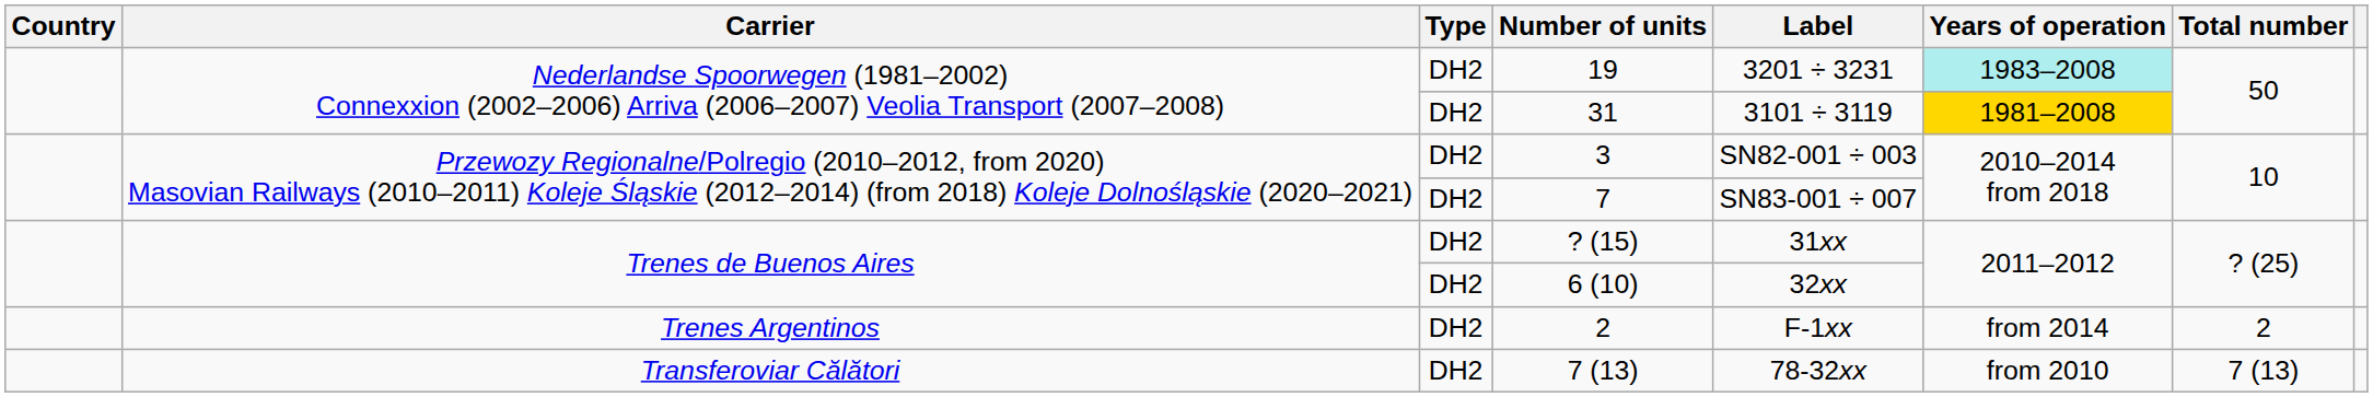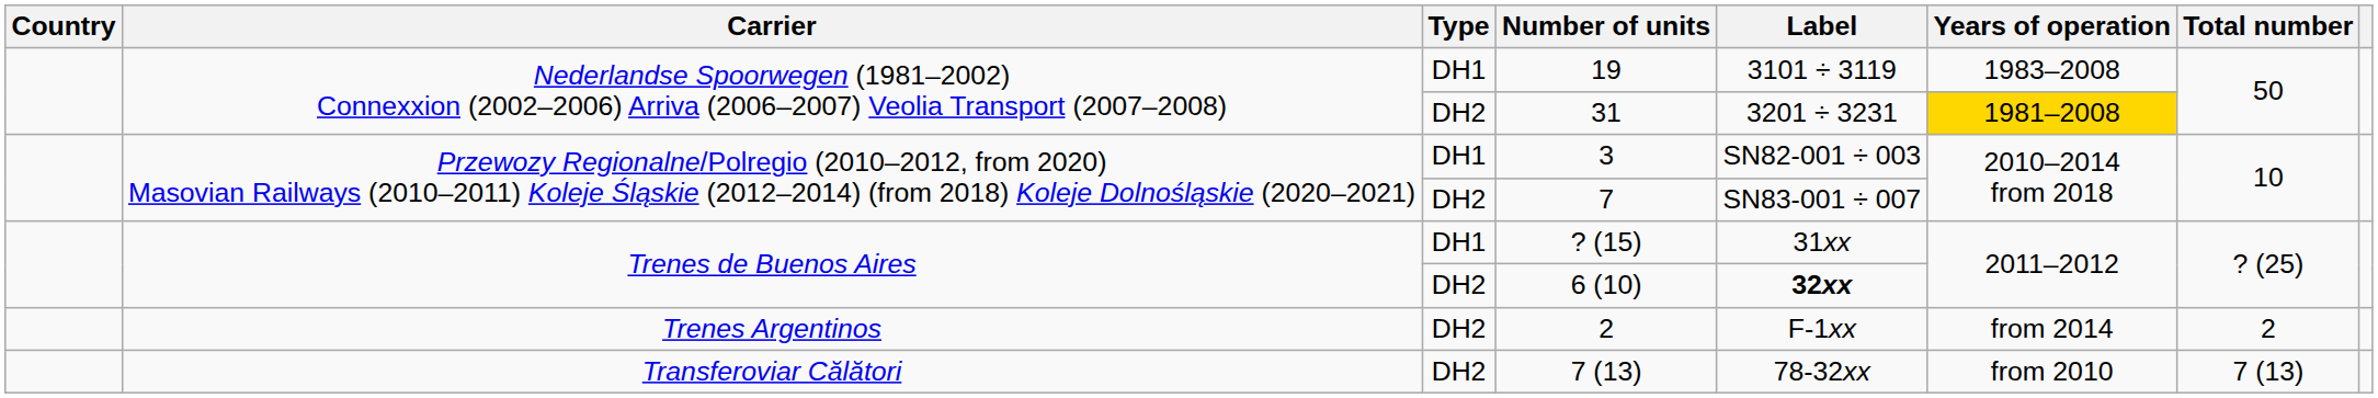 <table class="wikitable" style="text-align:center">
 <tr>
 <th>Country</th>
 <th>Carrier</th>
 <th>Type</th>
 <th>Number of units</th>
 <th>Label</th>
 <th>Years of operation</th>
 <th>Total number</th>
 <th></th>
 </tr>
 <tr>
 <td rowspan="2" align="left"></td>
 <td rowspan="2"><em><a href='#'>Nederlandse Spoorwegen</a></em> (1981–2002)<br><a href='#'>Connexxion</a> (2002–2006) <a href='#'>Arriva</a> (2006–2007) <a href='#'>Veolia Transport</a> (2007–2008)</td>
-<td>DH2</td>
+<td>DH1</td>
 <td>19</td>
-<td>3201 ÷ 3231</td>
-<td style="background: paleturquoise;">1983–2008</td>
+<td>3101 ÷ 3119</td>
+<td>1983–2008</td>
 <td rowspan="2">50</td>
 <td rowspan="2"></td>
 </tr>
 <tr>
 <td>DH2</td>
 <td>31</td>
-<td>3101 ÷ 3119</td>
+<td>3201 ÷ 3231</td>
 <td style="background: gold;">1981–2008</td>
 </tr>
 <tr>
 <td rowspan="2" align="left"></td>
 <td rowspan="2"><a href='#'><em>Przewozy Regionalne</em>/Polregio</a> (2010–2012, from 2020)<br><a href='#'>Masovian Railways</a> (2010–2011) <em><a href='#'>Koleje Śląskie</a></em> (2012–2014) <em></em> (from 2018) <em><a href='#'>Koleje Dolnośląskie</a></em> (2020–2021)</td>
-<td>DH2</td>
+<td>DH1</td>
 <td>3</td>
 <td>SN82-001 ÷ 003</td>
 <td rowspan="2">2010–2014<br>from 2018</td>
 <td rowspan="2">10</td>
 <td rowspan="2"></td>
 </tr>
 <tr>
 <td>DH2</td>
 <td>7</td>
 <td>SN83-001 ÷ 007</td>
 </tr>
 <tr>
 <td rowspan="2" align="left"><br></td>
 <td rowspan="2"><em><a href='#'>Trenes de Buenos Aires</a></em></td>
-<td>DH2</td>
+<td>DH1</td>
 <td>? (15)</td>
 <td>31<em>xx</em></td>
 <td rowspan="2">2011–2012</td>
 <td rowspan="2">? (25)</td>
 <td rowspan="2"></td>
 </tr>
 <tr>
 <td>DH2</td>
 <td>6 (10)</td>
-<td>32<em>xx</em></td>
+<td><strong>32<em>xx</em></strong></td>
 </tr>
 <tr>
 <td align="left"><br></td>
 <td><em><a href='#'>Trenes Argentinos</a></em></td>
 <td>DH2</td>
 <td>2</td>
 <td>F-1<em>xx</em></td>
 <td>from 2014</td>
 <td>2</td>
 <td></td>
 </tr>
 <tr>
 <td align="left"></td>
 <td><em><a href='#'>Transferoviar Călători</a></em></td>
 <td>DH2</td>
 <td>7 (13)</td>
 <td>78-32<em>xx</em></td>
 <td>from 2010</td>
 <td>7 (13)</td>
 <td></td>
 </tr>
 </table>
